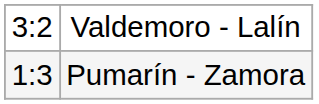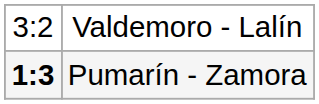 <table class="wikitable">
 <tr align=center bgcolor=white>
 <td>3:2</td>
 <td>Valdemoro - Lalín</td>
 </tr>
 <tr align=center bgcolor=#F5F5F5>
-<td>1:3</td>
+<td><strong>1:3</strong></td>
 <td>Pumarín - Zamora</td>
 </tr>
 </table>
